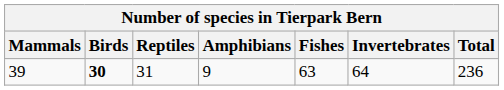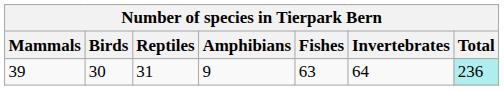 <table class="wikitable">
 <tr>
 <th colspan="7">Number of species in Tierpark Bern</th>
 </tr>
 <tr>
 <th>Mammals</th>
 <th>Birds</th>
 <th>Reptiles</th>
 <th>Amphibians</th>
 <th>Fishes</th>
 <th>Invertebrates</th>
 <th>Total</th>
 </tr>
 <tr>
 <td>39</td>
-<td><strong>30</strong></td>
+<td>30</td>
 <td>31</td>
 <td>9</td>
 <td>63</td>
 <td>64</td>
-<td>236</td>
+<td style="background: paleturquoise;">236</td>
 </tr>
 </table>
